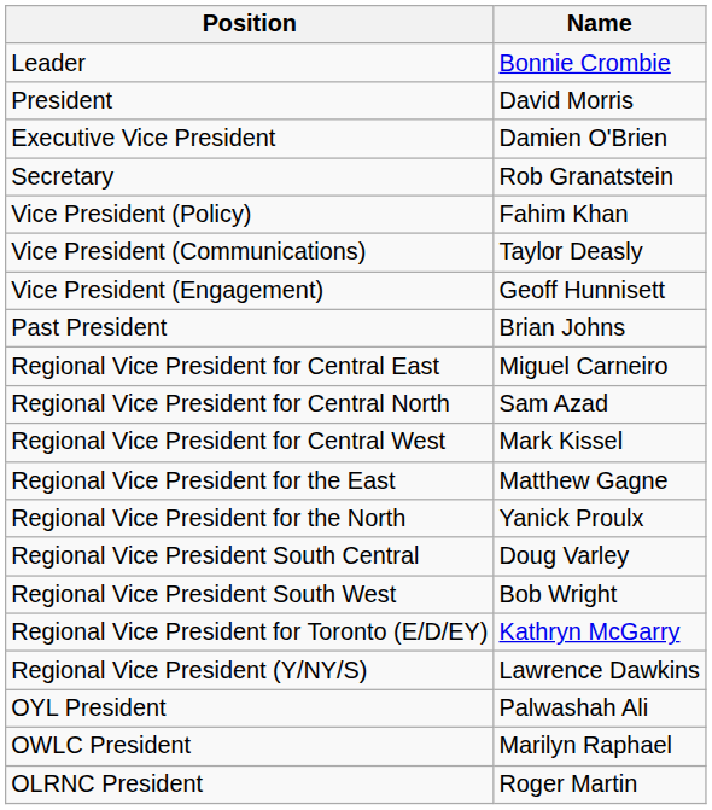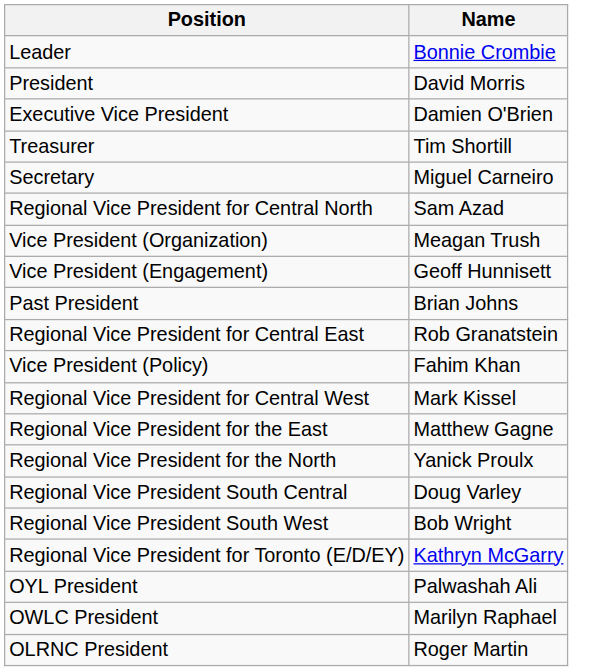 <table class="wikitable sortable”">
 <tr>
 <th>Position</th>
 <th>Name</th>
 </tr>
 <tr>
 <td>Leader</td>
 <td><a href='#'>Bonnie Crombie</a></td>
 </tr>
 <tr>
 <td>President</td>
 <td>David Morris</td>
 </tr>
 <tr>
 <td>Executive Vice President</td>
 <td>Damien O'Brien</td>
 </tr>
 <tr>
-<td>Secretary</td>
-<td>Rob Granatstein</td>
+<td>Treasurer</td>
+<td>Tim Shortill</td>
 </tr>
 <tr>
-<td>Vice President (Policy)</td>
-<td>Fahim Khan</td>
+<td>Secretary</td>
+<td>Miguel Carneiro</td>
 </tr>
 <tr>
-<td>Vice President (Communications)</td>
-<td>Taylor Deasly</td>
+<td>Regional Vice President for Central North</td>
+<td>Sam Azad</td>
+</tr>
+<tr>
+<td>Vice President (Organization)</td>
+<td>Meagan Trush</td>
 </tr>
 <tr>
 <td>Vice President (Engagement)</td>
 <td>Geoff Hunnisett</td>
 </tr>
 <tr>
 <td>Past President</td>
 <td>Brian Johns</td>
 </tr>
 <tr>
 <td>Regional Vice President for Central East</td>
-<td>Miguel Carneiro</td>
+<td>Rob Granatstein</td>
 </tr>
 <tr>
-<td>Regional Vice President for Central North</td>
-<td>Sam Azad</td>
+<td>Vice President (Policy)</td>
+<td>Fahim Khan</td>
 </tr>
 <tr>
 <td>Regional Vice President for Central West</td>
 <td>Mark Kissel</td>
 </tr>
 <tr>
 <td>Regional Vice President for the East</td>
 <td>Matthew Gagne</td>
 </tr>
 <tr>
 <td>Regional Vice President for the North</td>
 <td>Yanick Proulx</td>
 </tr>
 <tr>
 <td>Regional Vice President South Central</td>
 <td>Doug Varley</td>
 </tr>
 <tr>
 <td>Regional Vice President South West</td>
 <td>Bob Wright</td>
 </tr>
 <tr>
 <td>Regional Vice President for Toronto (E/D/EY)</td>
 <td><a href='#'>Kathryn McGarry</a></td>
 </tr>
 <tr>
-<td>Regional Vice President (Y/NY/S)</td>
-<td>Lawrence Dawkins</td>
-</tr>
-<tr>
 <td>OYL President</td>
 <td>Palwashah Ali</td>
 </tr>
 <tr>
 <td>OWLC President</td>
 <td>Marilyn Raphael</td>
 </tr>
 <tr>
 <td>OLRNC President</td>
 <td>Roger Martin</td>
 </tr>
 </table>
